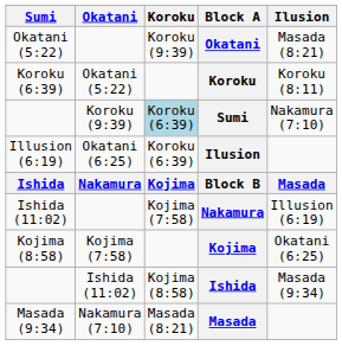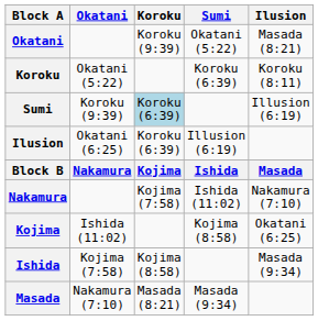 <table class="wikitable" style="margin: 1em auto 1em auto">
 <tr align="center">
-<th><a href='#'>Sumi</a></th>
+<th>Block A</th>
 <th><a href='#'>Okatani</a></th>
 <th>Koroku</th>
-<th>Block A</th>
+<th><a href='#'>Sumi</a></th>
 <th>Ilusion</th>
 </tr>
 <tr align="center">
-<td>Okatani<br>(5:22)</td>
+<th><a href='#'>Okatani</a></th>
 <td></td>
 <td>Koroku<br>(9:39)</td>
-<th><a href='#'>Okatani</a></th>
+<td>Okatani<br>(5:22)</td>
 <td>Masada<br>(8:21)</td>
 </tr>
 <tr align="center">
-<td>Koroku<br>(6:39)</td>
+<th>Koroku</th>
 <td>Okatani<br>(5:22)</td>
 <td></td>
-<th>Koroku</th>
+<td>Koroku<br>(6:39)</td>
 <td>Koroku<br>(8:11)</td>
 </tr>
 <tr align="center">
-<td></td>
+<th>Sumi</th>
 <td>Koroku<br>(9:39)</td>
 <td style="background: lightblue;">Koroku<br>(6:39)</td>
-<th>Sumi</th>
+<td></td>
+<td>Illusion<br>(6:19)</td>
+</tr>
+<tr align="center">
+<th>Ilusion</th>
+<td>Okatani<br>(6:25)</td>
+<td>Koroku<br>(6:39)</td>
+<td>Illusion<br>(6:19)</td>
+<td></td>
+</tr>
+<tr align="center">
+<th>Block B</th>
+<th><a href='#'>Nakamura</a></th>
+<th><a href='#'>Kojima</a></th>
+<th><a href='#'>Ishida</a></th>
+<th><a href='#'>Masada</a></th>
+</tr>
+<tr align="center">
+<th><a href='#'>Nakamura</a></th>
+<td></td>
+<td>Kojima<br>(7:58)</td>
+<td>Ishida<br>(11:02)</td>
 <td>Nakamura<br>(7:10)</td>
 </tr>
 <tr align="center">
-<td>Illusion<br>(6:19)</td>
+<th><a href='#'>Kojima</a></th>
+<td>Ishida<br>(11:02)</td>
+<td></td>
+<td>Kojima<br>(8:58)</td>
 <td>Okatani<br>(6:25)</td>
-<td>Koroku<br>(6:39)</td>
-<th>Ilusion</th>
-<td></td>
 </tr>
 <tr align="center">
 <th><a href='#'>Ishida</a></th>
-<th><a href='#'>Nakamura</a></th>
-<th><a href='#'>Kojima</a></th>
-<th>Block B</th>
-<th><a href='#'>Masada</a></th>
-</tr>
-<tr align="center">
-<td>Ishida<br>(11:02)</td>
+<td>Kojima<br>(7:58)</td>
+<td>Kojima<br>(8:58)</td>
 <td></td>
-<td>Kojima<br>(7:58)</td>
-<th><a href='#'>Nakamura</a></th>
-<td>Illusion<br>(6:19)</td>
-</tr>
-<tr align="center">
-<td>Kojima<br>(8:58)</td>
-<td>Kojima<br>(7:58)</td>
-<td></td>
-<th><a href='#'>Kojima</a></th>
-<td>Okatani<br>(6:25)</td>
-</tr>
-<tr align="center">
-<td></td>
-<td>Ishida<br>(11:02)</td>
-<td>Kojima<br>(8:58)</td>
-<th><a href='#'>Ishida</a></th>
 <td>Masada<br>(9:34)</td>
 </tr>
 <tr align="center">
-<td>Masada<br>(9:34)</td>
+<th><a href='#'>Masada</a></th>
 <td>Nakamura<br>(7:10)</td>
 <td>Masada<br>(8:21)</td>
-<th><a href='#'>Masada</a></th>
+<td>Masada<br>(9:34)</td>
 <td></td>
 </tr>
 </table>
